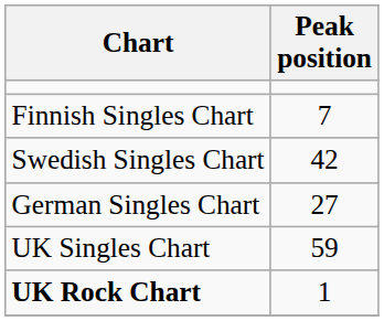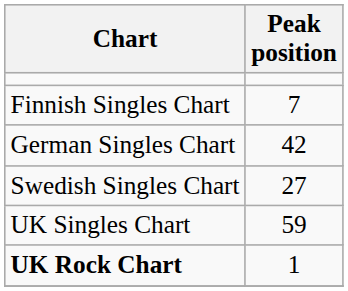 <table class="wikitable sortable">
 <tr>
 <th align="left">Chart</th>
 <th align="center">Peak<br>position<br></th>
 </tr>
 <tr>
 <td></td>
 </tr>
 <tr>
 <td align="left">Finnish Singles Chart</td>
 <td align="center">7</td>
 </tr>
 <tr>
-<td align="left">Swedish Singles Chart</td>
+<td align="left">German Singles Chart</td>
 <td align="center">42</td>
 </tr>
 <tr>
-<td align="left">German Singles Chart</td>
+<td align="left">Swedish Singles Chart</td>
 <td align="center">27</td>
 </tr>
 <tr>
 <td align="left">UK Singles Chart</td>
 <td align="center">59</td>
 </tr>
 <tr>
 <td align="left"><strong>UK Rock Chart</strong></td>
 <td align="center">1</td>
 </tr>
 <tr>
 </tr>
 </table>
